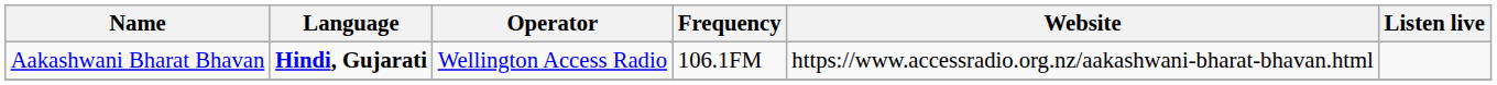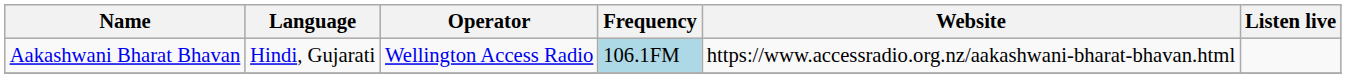 <table class="wikitable" style="font-size:85%;">
 <tr>
 <th>Name</th>
 <th>Language</th>
 <th>Operator</th>
 <th>Frequency</th>
 <th>Website</th>
 <th>Listen live</th>
 </tr>
 <tr>
 <td><a href='#'>Aakashwani Bharat Bhavan</a></td>
-<td><strong><a href='#'>Hindi</a>, Gujarati</strong></td>
+<td><a href='#'>Hindi</a>, Gujarati</td>
 <td><a href='#'>Wellington Access Radio</a></td>
-<td>106.1FM</td>
+<td style="background: lightblue;">106.1FM</td>
 <td>https://www.accessradio.org.nz/aakashwani-bharat-bhavan.html</td>
 <td></td>
 </tr>
 <tr>
 </tr>
 </table>
